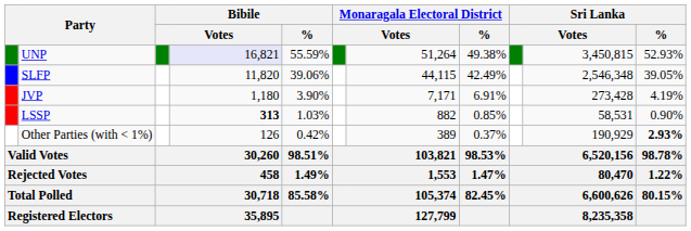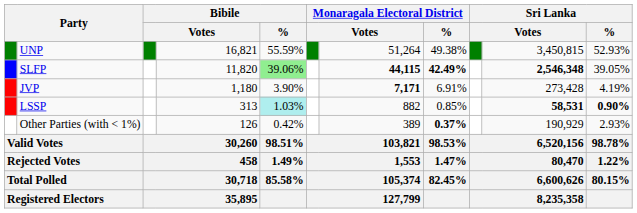 <table class="wikitable">
 <tr>
 <th colspan="2" width="144px"rowspan="2">Party</th>
 <th colspan="3" width="216px">Bibile</th>
 <th colspan="3" width="216px"><a href='#'>Monaragala Electoral District</a></th>
 <th colspan="3" width="216px">Sri Lanka</th>
 </tr>
 <tr>
 <th colspan="2" width="144px">Votes</th>
 <th>%</th>
 <th colspan="2" width="144px">Votes</th>
 <th>%</th>
 <th colspan="2" width="144px">Votes</th>
 <th>%</th>
 </tr>
 <tr>
 <td style="background-color:green;" width="10px"></td>
 <td style="text-align:left;"><a href='#'>UNP</a></td>
 <td style="background-color:green;" width="10px"></td>
-<td style="background: lavender; text-align:right;">16,821</td>
+<td style="text-align:right;">16,821</td>
 <td style="text-align:right;">55.59%</td>
 <td style="background-color:green;" width="10px"></td>
 <td style="text-align:right;">51,264</td>
 <td style="text-align:right;">49.38%</td>
 <td style="background-color:green;" width="10px"></td>
 <td style="text-align:right;">3,450,815</td>
 <td style="text-align:right;">52.93%</td>
 </tr>
 <tr>
 <td style="background-color:blue;" width="10px"></td>
 <td style="text-align:left;"><a href='#'>SLFP</a></td>
 <td style="background-color:white;" width="10px"></td>
 <td style="text-align:right;">11,820</td>
-<td style="text-align:right;">39.06%</td>
+<td style="background: lightgreen; text-align:right;">39.06%</td>
 <td style="background-color:white;" width="10px"></td>
-<td style="text-align:right;">44,115</td>
-<td style="text-align:right;">42.49%</td>
+<td style="text-align:right;"><strong>44,115</strong></td>
+<td style="text-align:right;"><strong>42.49%</strong></td>
 <td style="background-color:white;" width="10px"></td>
-<td style="text-align:right;">2,546,348</td>
+<td style="text-align:right;"><strong>2,546,348</strong></td>
 <td style="text-align:right;">39.05%</td>
 </tr>
 <tr>
 <td style="background-color:red;" width="10px"></td>
 <td style="text-align:left;"><a href='#'>JVP</a></td>
 <td style="background-color:white;" width="10px"></td>
 <td style="text-align:right;">1,180</td>
 <td style="text-align:right;">3.90%</td>
 <td style="background-color:white;" width="10px"></td>
-<td style="text-align:right;">7,171</td>
+<td style="text-align:right;"><strong>7,171</strong></td>
 <td style="text-align:right;">6.91%</td>
 <td style="background-color:white;" width="10px"></td>
 <td style="text-align:right;">273,428</td>
 <td style="text-align:right;">4.19%</td>
 </tr>
 <tr>
 <td style="background-color:red;" width="10px"></td>
 <td style="text-align:left;"><a href='#'>LSSP</a></td>
 <td style="background-color:white;" width="10px"></td>
-<td style="text-align:right;"><strong>313</strong></td>
-<td style="text-align:right;">1.03%</td>
+<td style="text-align:right;">313</td>
+<td style="background: paleturquoise; text-align:right;">1.03%</td>
 <td style="background-color:white;" width="10px"></td>
 <td style="text-align:right;">882</td>
 <td style="text-align:right;">0.85%</td>
 <td style="background-color:white;" width="10px"></td>
-<td style="text-align:right;">58,531</td>
-<td style="text-align:right;">0.90%</td>
+<td style="text-align:right;"><strong>58,531</strong></td>
+<td style="text-align:right;"><strong>0.90%</strong></td>
 </tr>
 <tr>
 <td style="background-color:white;" width="10px"></td>
 <td style="text-align:left;">Other Parties (with < 1%)</td>
 <td style="background-color:white;" width="10px"></td>
 <td style="text-align:right;">126</td>
 <td style="text-align:right;">0.42%</td>
 <td style="background-color:white;" width="10px"></td>
 <td style="text-align:right;">389</td>
-<td style="text-align:right;">0.37%</td>
+<td style="text-align:right;"><strong>0.37%</strong></td>
 <td style="background-color:white;" width="10px"></td>
 <td style="text-align:right;">190,929</td>
-<td style="text-align:right;"><strong>2.93%</strong></td>
+<td style="text-align:right;">2.93%</td>
 </tr>
 <tr>
 <th colspan="2" width="144px"style="text-align:left;">Valid Votes</th>
 <th style="text-align:right;"colspan="2" width="144px">30,260</th>
 <th style="text-align:right;">98.51%</th>
 <th style="text-align:right;"colspan="2" width="144px">103,821</th>
 <th style="text-align:right;">98.53%</th>
 <th style="text-align:right;"colspan="2" width="144px">6,520,156</th>
 <th style="text-align:right;">98.78%</th>
 </tr>
 <tr>
 <th colspan="2" width="144px"style="text-align:left;">Rejected Votes</th>
 <th style="text-align:right;"colspan="2" width="144px">458</th>
 <th style="text-align:right;">1.49%</th>
 <th style="text-align:right;"colspan="2" width="144px">1,553</th>
 <th style="text-align:right;">1.47%</th>
 <th style="text-align:right;"colspan="2" width="144px">80,470</th>
 <th style="text-align:right;">1.22%</th>
 </tr>
 <tr>
 <th colspan="2" width="144px"style="text-align:left;">Total Polled</th>
 <th style="text-align:right;"colspan="2" width="144px">30,718</th>
 <th style="text-align:right;">85.58%</th>
 <th style="text-align:right;"colspan="2" width="144px">105,374</th>
 <th style="text-align:right;">82.45%</th>
 <th style="text-align:right;"colspan="2" width="144px">6,600,626</th>
 <th style="text-align:right;">80.15%</th>
 </tr>
 <tr>
 <th colspan="2" width="144px"style="text-align:left;">Registered Electors</th>
 <th style="text-align:right;"colspan="2" width="144px">35,895</th>
 <th></th>
 <th style="text-align:right;"colspan="2" width="144px">127,799</th>
 <th></th>
 <th style="text-align:right;"colspan="2" width="144px">8,235,358</th>
 <th></th>
 </tr>
 </table>
